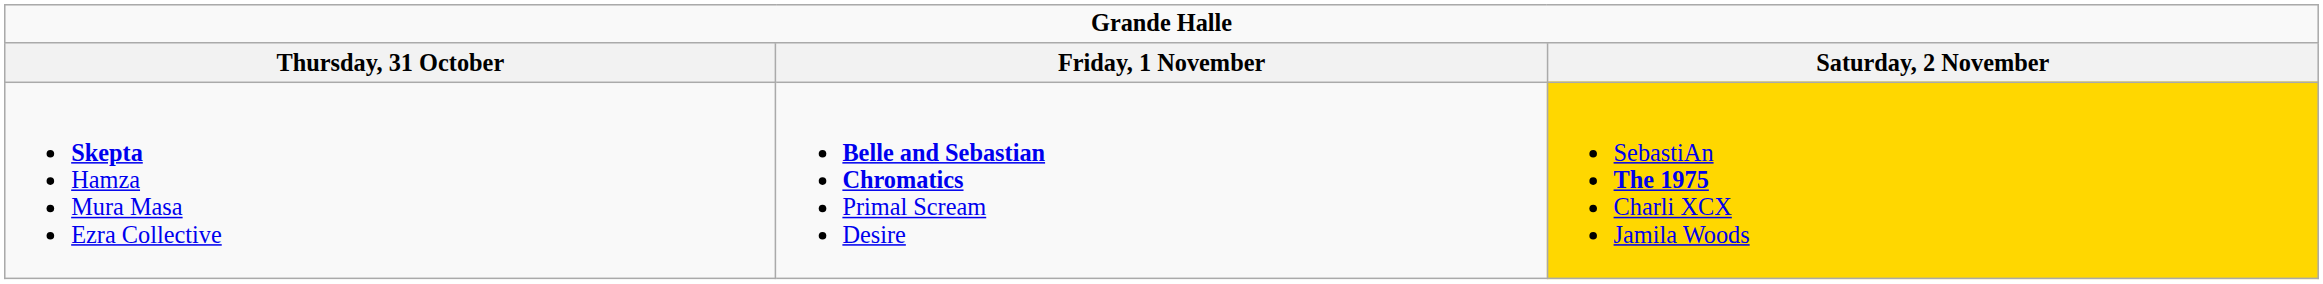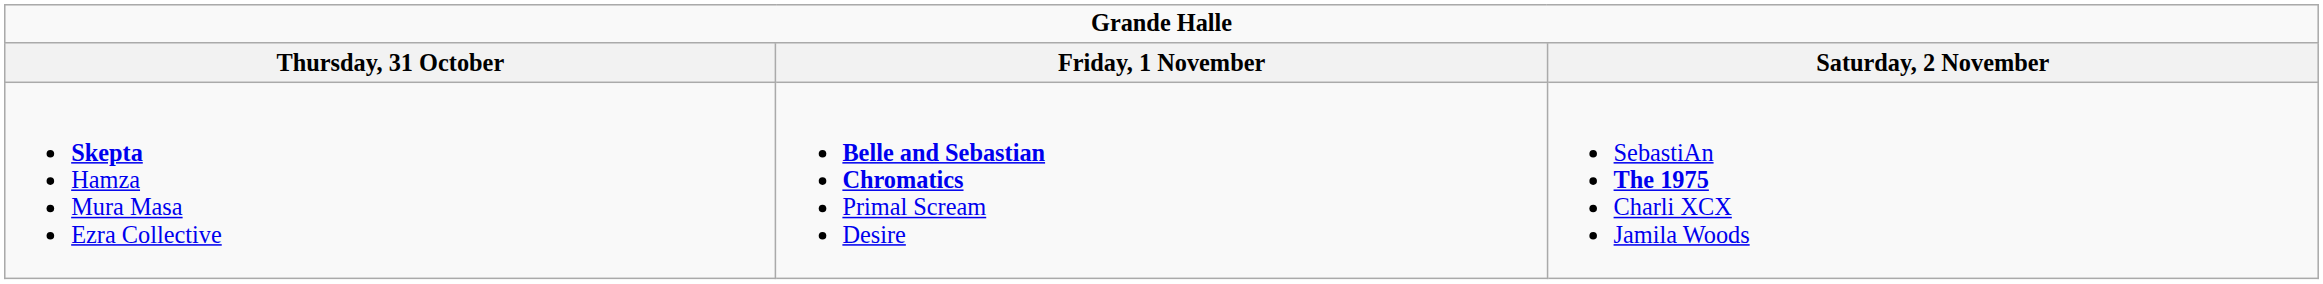 <table class="wikitable">
 <tr>
 <td colspan="3" align="center"><strong>Grande Halle</strong></td>
 </tr>
 <tr>
 <th width="500">Thursday, 31 October</th>
 <th width="500">Friday, 1 November</th>
 <th width="500">Saturday, 2 November</th>
 </tr>
 <tr valign="top">
 <td><br><ul><li><strong><a href='#'>Skepta</a></strong></li><li><a href='#'>Hamza</a></li><li><a href='#'>Mura Masa</a></li><li><a href='#'>Ezra Collective</a></li></ul></td>
 <td><br><ul><li><strong><a href='#'>Belle and Sebastian</a></strong></li><li><strong><a href='#'>Chromatics</a></strong></li><li><a href='#'>Primal Scream</a></li><li><a href='#'>Desire</a></li></ul></td>
-<td style="background: gold;"><br><ul><li><a href='#'>SebastiAn</a></li><li><strong><a href='#'>The 1975</a></strong></li><li><a href='#'>Charli XCX</a></li><li><a href='#'>Jamila Woods</a></li></ul></td>
+<td><br><ul><li><a href='#'>SebastiAn</a></li><li><strong><a href='#'>The 1975</a></strong></li><li><a href='#'>Charli XCX</a></li><li><a href='#'>Jamila Woods</a></li></ul></td>
 </tr>
 </table>
